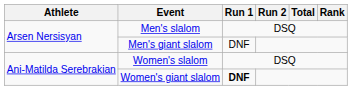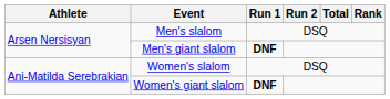 <table class="wikitable" style="font-size:90%">
 <tr>
 <th>Athlete</th>
 <th>Event</th>
 <th>Run 1</th>
 <th>Run 2</th>
 <th>Total</th>
 <th>Rank</th>
 </tr>
 <tr>
 <td rowspan=2><a href='#'>Arsen Nersisyan</a></td>
 <td align="center"><a href='#'>Men's slalom</a></td>
 <td align="center" colspan=4>DSQ</td>
 </tr>
 <tr>
 <td align="center"><a href='#'>Men's giant slalom</a></td>
-<td align="center">DNF</td>
+<td align="center"><strong>DNF</strong></td>
 <td Colspan=3></td>
 </tr>
 <tr>
 <td rowspan=2><a href='#'>Ani-Matilda Serebrakian</a></td>
 <td align="center"><a href='#'>Women's slalom</a></td>
 <td align="center" colspan=4>DSQ</td>
 </tr>
 <tr>
 <td align="center"><a href='#'>Women's giant slalom</a></td>
 <td align="center"><strong>DNF</strong></td>
 <td Colspan=3></td>
 </tr>
 </table>
